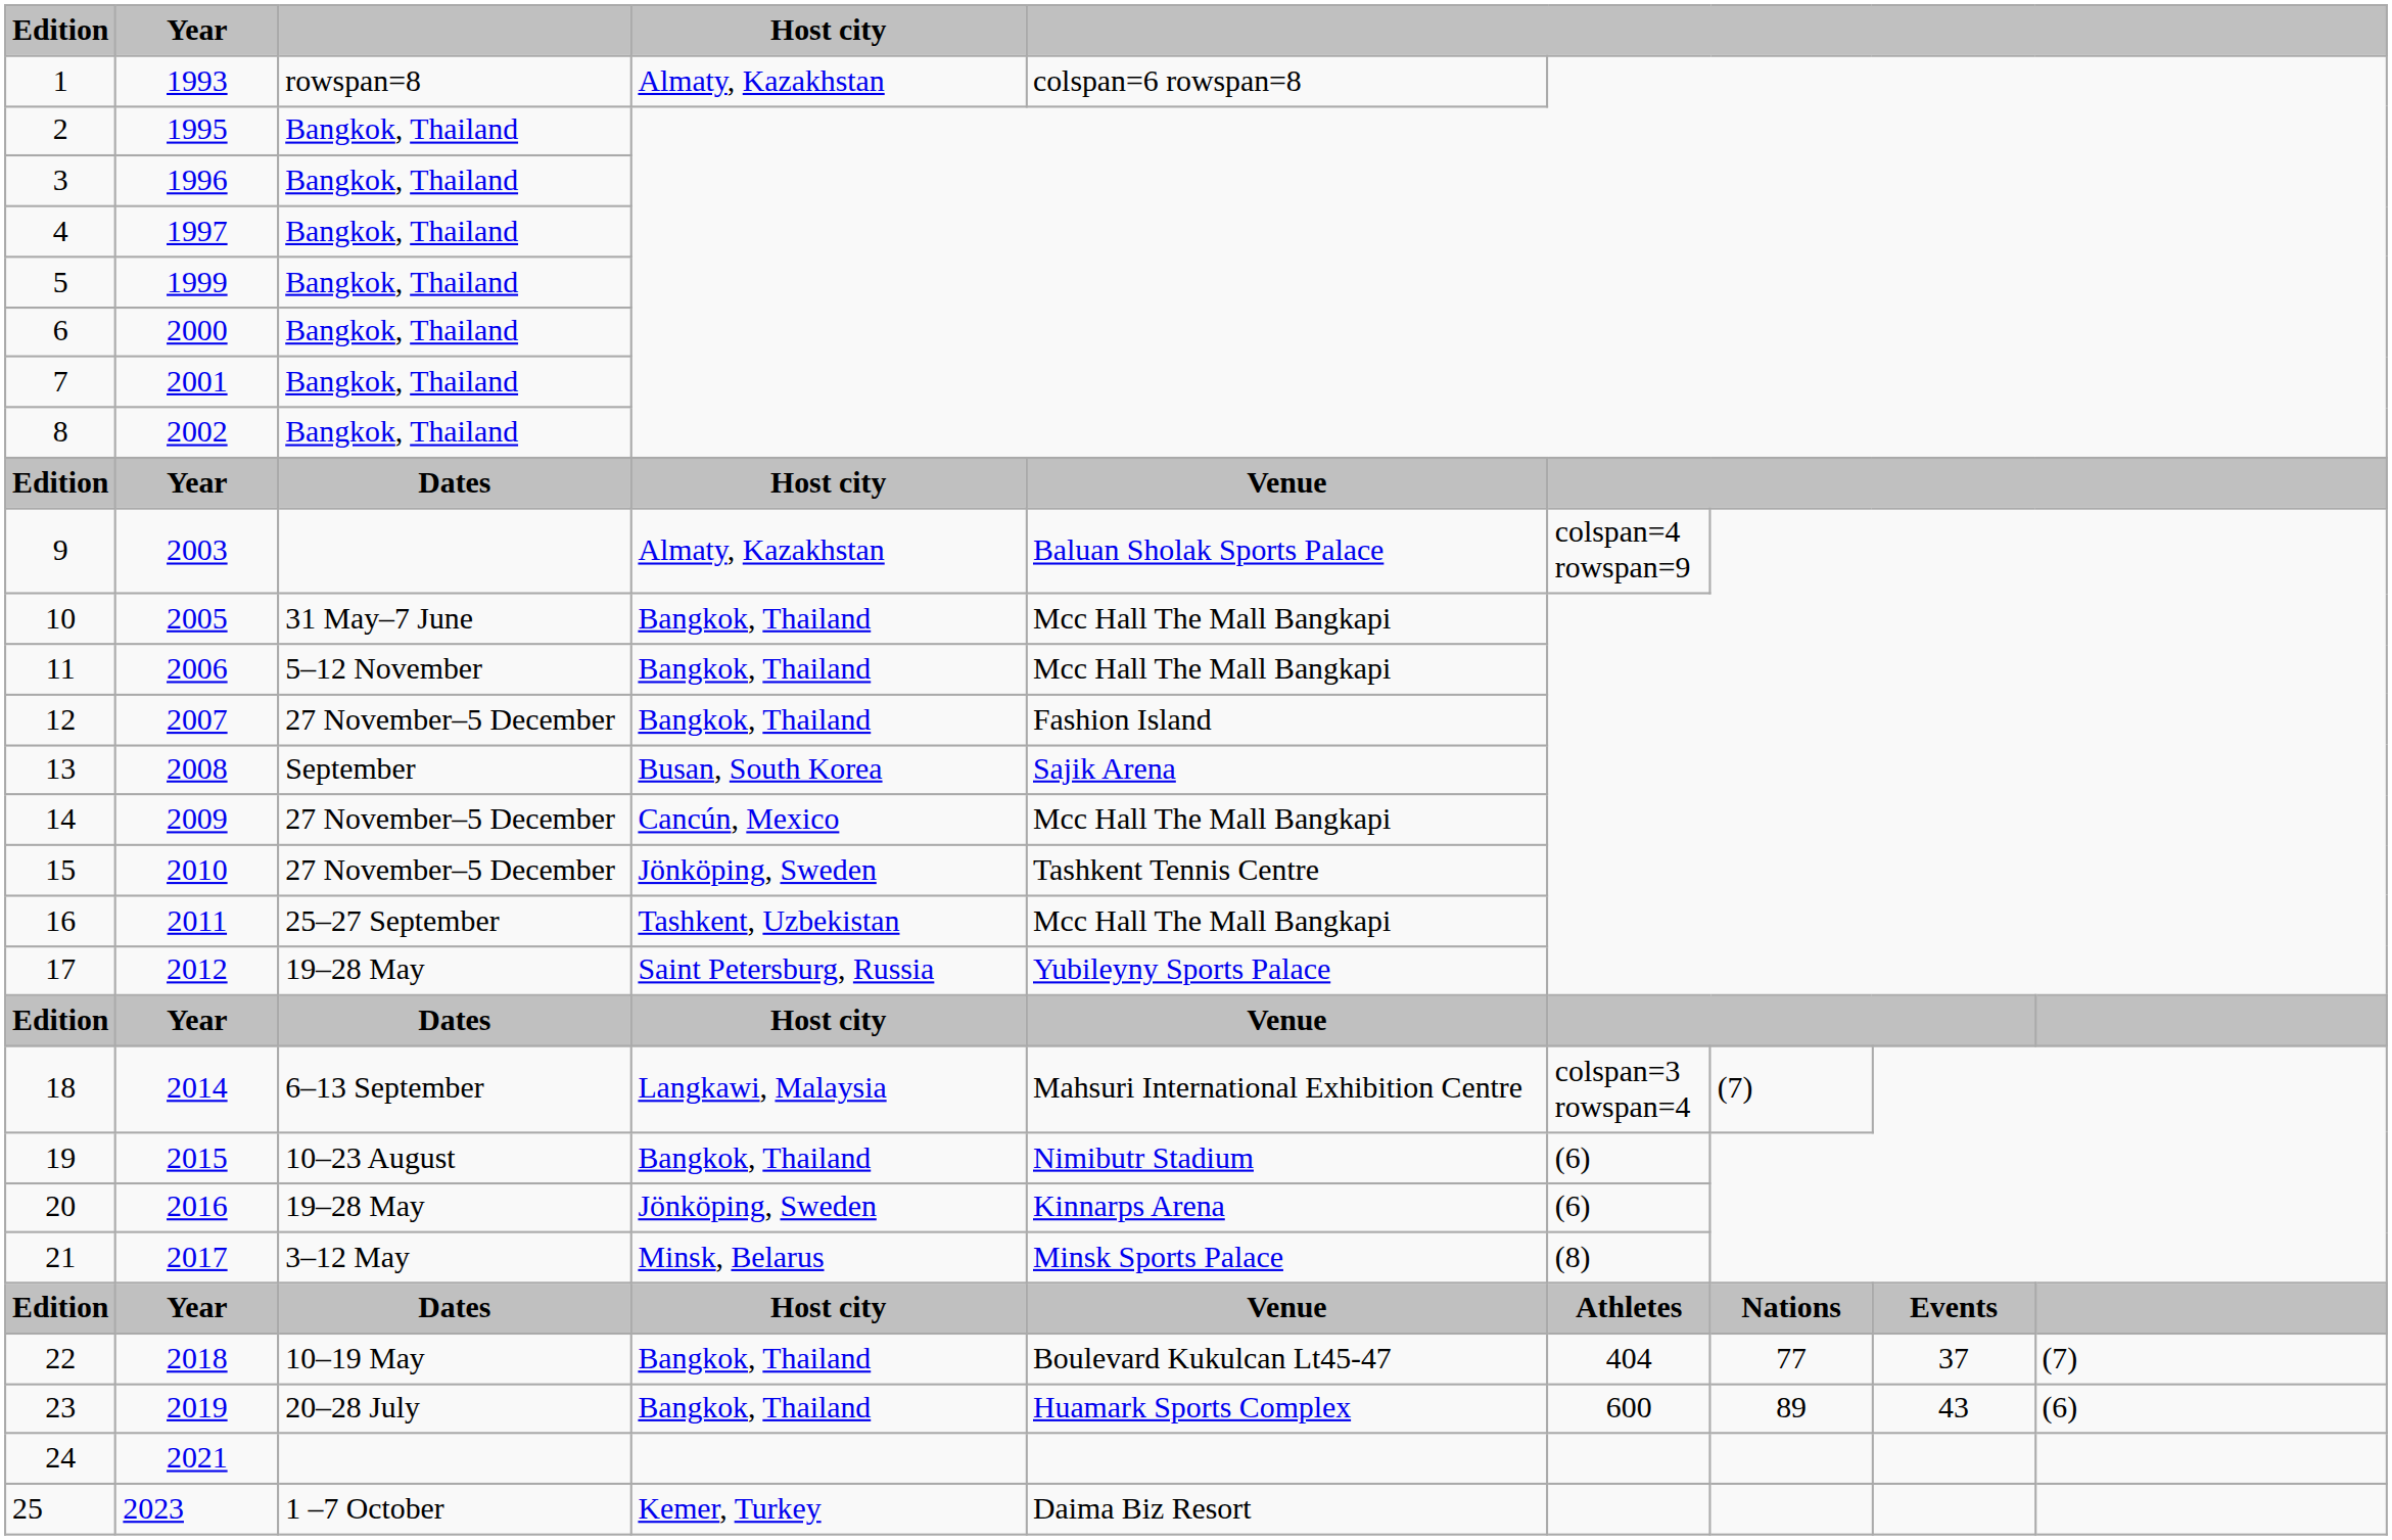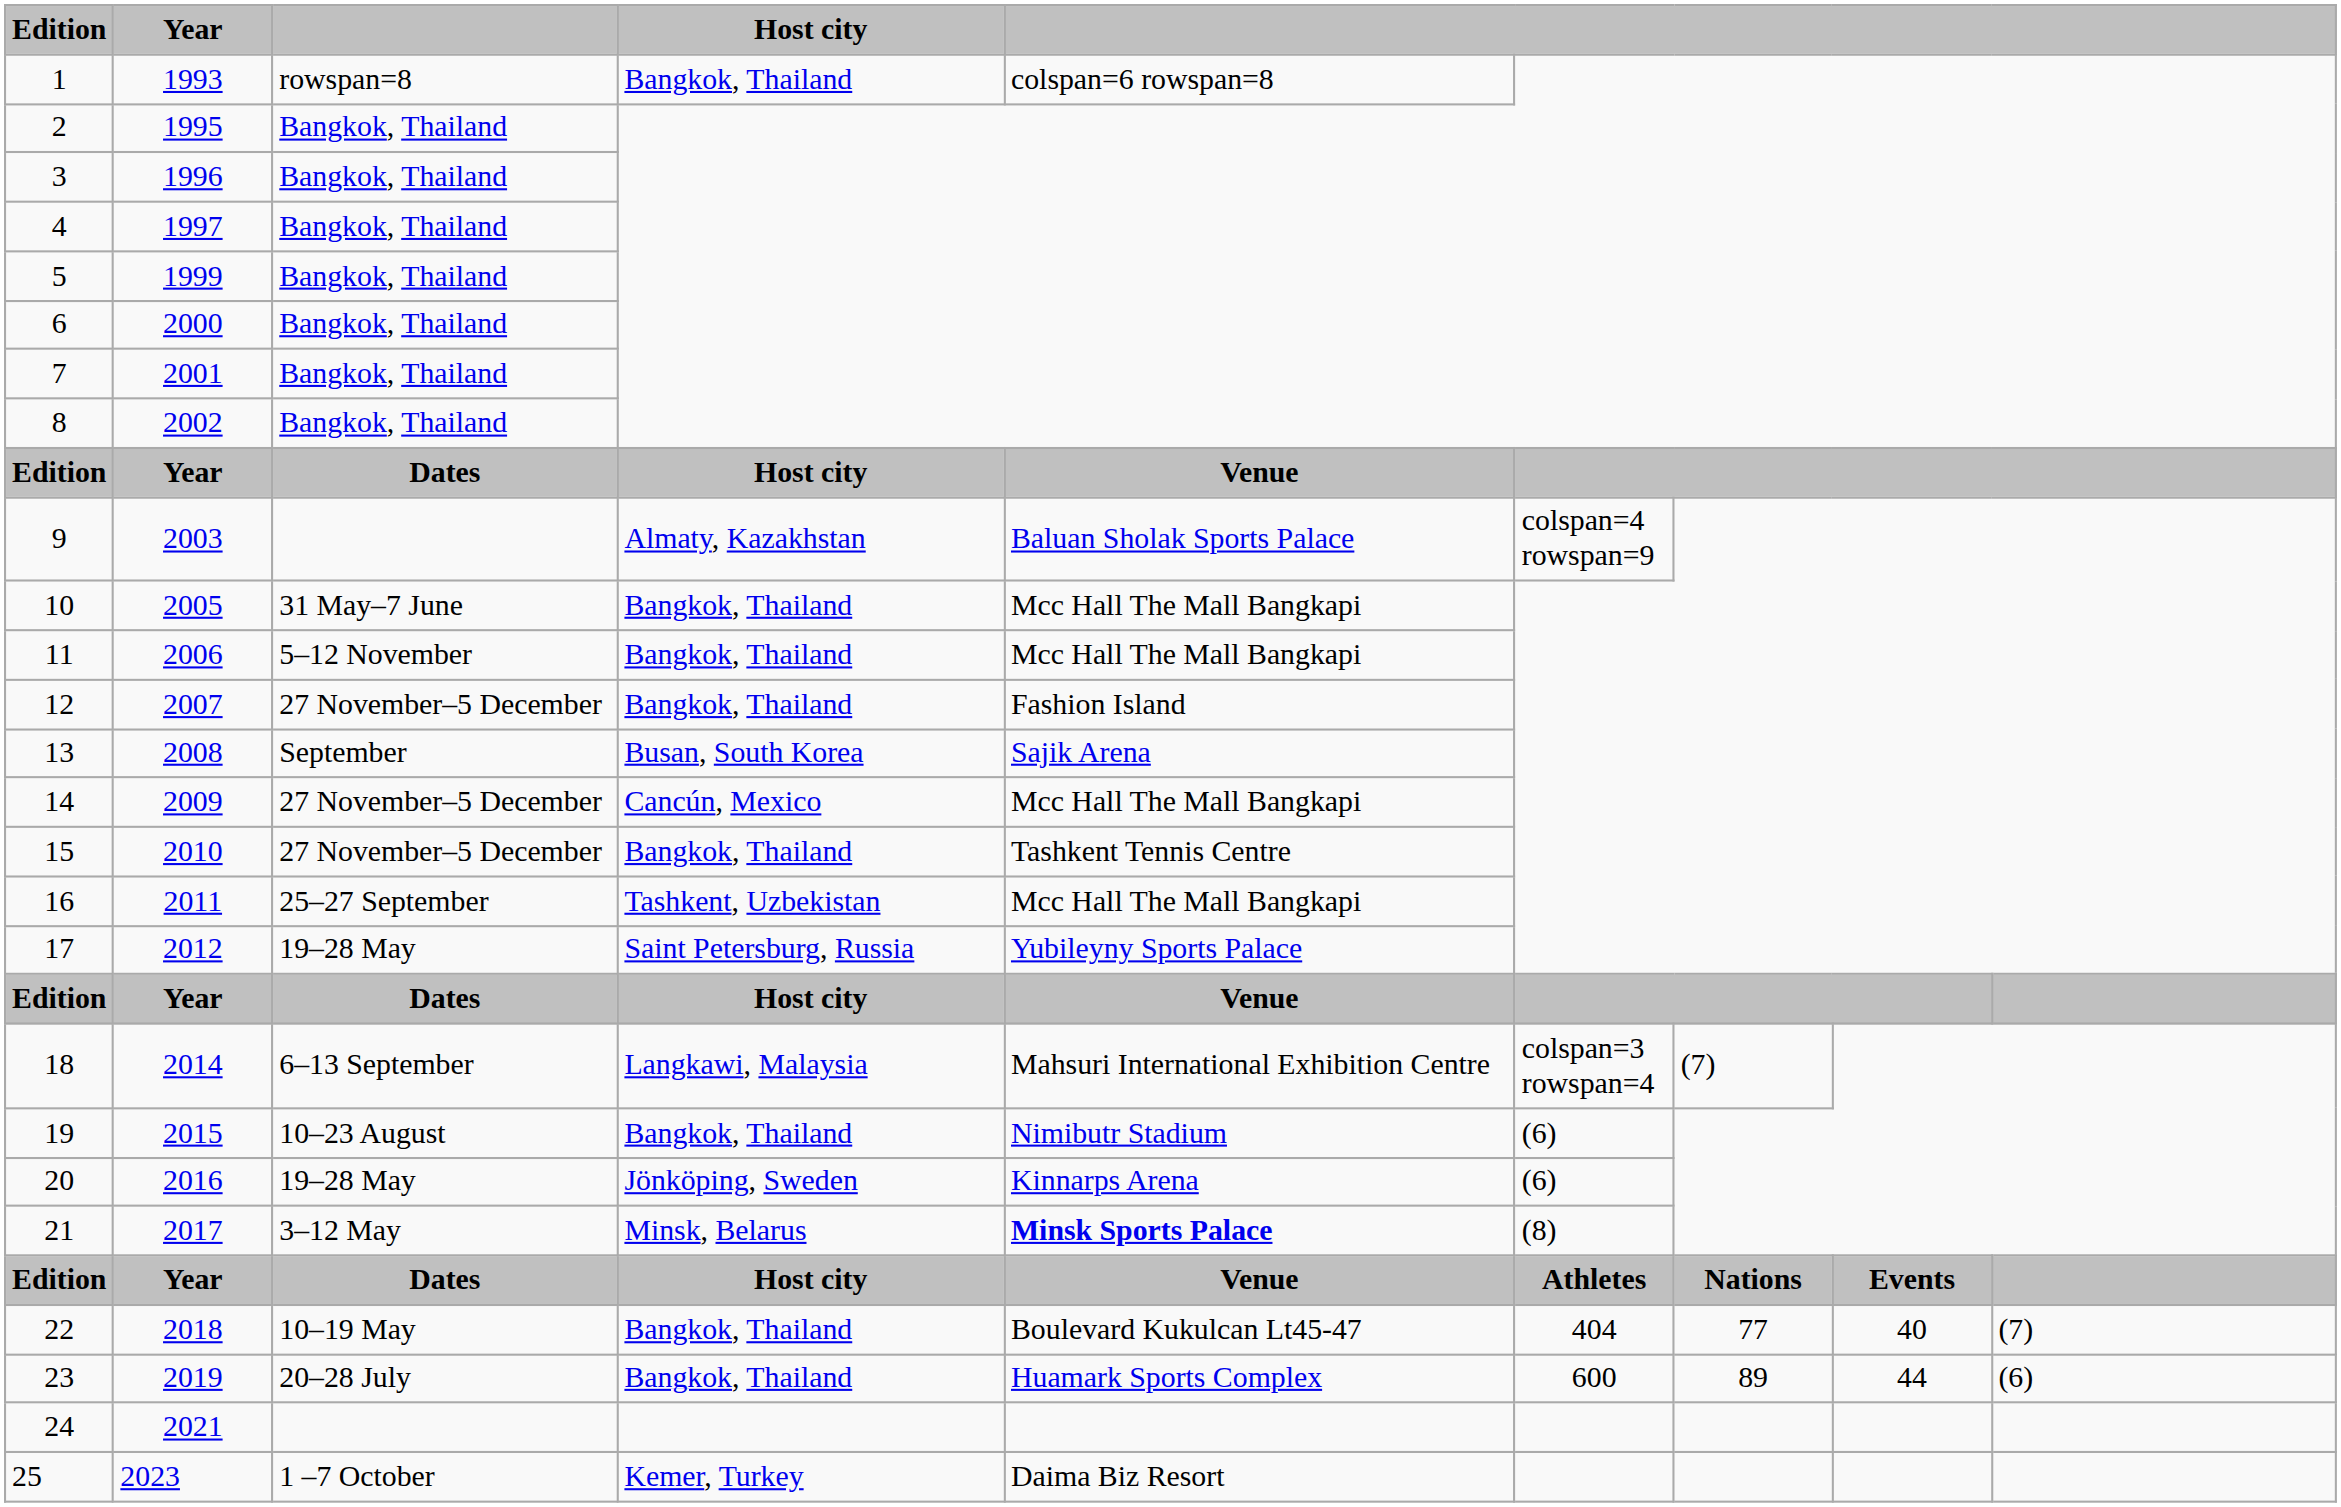 <table class=wikitable style="font-size:90%;">
 <tr>
 <th style="width: 30px; background-color:#C0C0C0">Edition</th>
 <th style="width: 70px; background-color:#C0C0C0">Year</th>
 <th style="background-color:#C0C0C0"></th>
 <th style="width: 180px; background-color:#C0C0C0">Host city</th>
 <th colspan=5 style="background-color:#C0C0C0"></th>
 </tr>
 <tr>
 <td align=center>1</td>
 <td style="text-align:center"><a href='#'>1993</a></td>
 <td>rowspan=8 </td>
-<td> <a href='#'>Almaty</a>, <a href='#'>Kazakhstan</a></td>
+<td> <a href='#'>Bangkok</a>, <a href='#'>Thailand</a></td>
 <td>colspan=6 rowspan=8 </td>
 </tr>
 <tr>
 <td align=center>2</td>
 <td style="text-align:center"><a href='#'>1995</a></td>
 <td> <a href='#'>Bangkok</a>, <a href='#'>Thailand</a></td>
 </tr>
 <tr>
 <td align=center>3</td>
 <td style="text-align:center"><a href='#'>1996</a></td>
 <td> <a href='#'>Bangkok</a>, <a href='#'>Thailand</a></td>
 </tr>
 <tr>
 <td align=center>4</td>
 <td style="text-align:center"><a href='#'>1997</a></td>
 <td> <a href='#'>Bangkok</a>, <a href='#'>Thailand</a></td>
 </tr>
 <tr>
 <td align=center>5</td>
 <td style="text-align:center"><a href='#'>1999</a></td>
 <td> <a href='#'>Bangkok</a>, <a href='#'>Thailand</a></td>
 </tr>
 <tr>
 <td align=center>6</td>
 <td style="text-align:center"><a href='#'>2000</a></td>
 <td> <a href='#'>Bangkok</a>, <a href='#'>Thailand</a></td>
 </tr>
 <tr>
 <td align=center>7</td>
 <td style="text-align:center"><a href='#'>2001</a></td>
 <td> <a href='#'>Bangkok</a>, <a href='#'>Thailand</a></td>
 </tr>
 <tr>
 <td align=center>8</td>
 <td style="text-align:center"><a href='#'>2002</a></td>
 <td> <a href='#'>Bangkok</a>, <a href='#'>Thailand</a></td>
 </tr>
 <tr>
 <th style="width: 30px; background-color:#C0C0C0">Edition</th>
 <th style="width: 70px; background-color:#C0C0C0">Year</th>
 <th style="width: 160px; background-color:#C0C0C0">Dates</th>
 <th style="width: 180px; background-color:#C0C0C0">Host city</th>
 <th style="width: 240px; background-color:#C0C0C0">Venue</th>
 <th colspan=4 style="background-color:#C0C0C0"></th>
 </tr>
 <tr>
 <td align=center>9</td>
 <td style="text-align:center"><a href='#'>2003</a></td>
 <td></td>
 <td> <a href='#'>Almaty</a>, <a href='#'>Kazakhstan</a></td>
 <td><a href='#'>Baluan Sholak Sports Palace</a></td>
 <td>colspan=4 rowspan=9 </td>
 </tr>
 <tr>
 <td align=center>10</td>
 <td style="text-align:center"><a href='#'>2005</a></td>
 <td>31 May–7 June</td>
 <td> <a href='#'>Bangkok</a>, <a href='#'>Thailand</a></td>
 <td>Mcc Hall The Mall Bangkapi</td>
 </tr>
 <tr>
 <td align=center>11</td>
 <td style="text-align:center"><a href='#'>2006</a></td>
 <td>5–12 November</td>
 <td> <a href='#'>Bangkok</a>, <a href='#'>Thailand</a></td>
 <td>Mcc Hall The Mall Bangkapi</td>
 </tr>
 <tr>
 <td align=center>12</td>
 <td style="text-align:center"><a href='#'>2007</a></td>
 <td>27 November–5 December</td>
 <td> <a href='#'>Bangkok</a>, <a href='#'>Thailand</a></td>
 <td>Fashion Island</td>
 </tr>
 <tr>
 <td align=center>13</td>
 <td style="text-align:center"><a href='#'>2008</a></td>
 <td>September</td>
 <td> <a href='#'>Busan</a>, <a href='#'>South Korea</a></td>
 <td><a href='#'>Sajik Arena</a></td>
 </tr>
 <tr>
 <td align=center>14</td>
 <td style="text-align:center"><a href='#'>2009</a></td>
 <td>27 November–5 December</td>
 <td> <a href='#'>Cancún</a>, <a href='#'>Mexico</a></td>
 <td>Mcc Hall The Mall Bangkapi</td>
 </tr>
 <tr>
 <td align=center>15</td>
 <td style="text-align:center"><a href='#'>2010</a></td>
 <td>27 November–5 December</td>
-<td> <a href='#'>Jönköping</a>, <a href='#'>Sweden</a></td>
+<td> <a href='#'>Bangkok</a>, <a href='#'>Thailand</a></td>
 <td>Tashkent Tennis Centre</td>
 </tr>
 <tr>
 <td align=center>16</td>
 <td style="text-align:center"><a href='#'>2011</a></td>
 <td>25–27 September</td>
 <td> <a href='#'>Tashkent</a>, <a href='#'>Uzbekistan</a></td>
 <td>Mcc Hall The Mall Bangkapi</td>
 </tr>
 <tr>
 <td align=center>17</td>
 <td style="text-align:center"><a href='#'>2012</a></td>
 <td>19–28 May</td>
 <td> <a href='#'>Saint Petersburg</a>, <a href='#'>Russia</a></td>
 <td><a href='#'>Yubileyny Sports Palace</a></td>
 </tr>
 <tr>
 <th style="width: 30px; background-color:#C0C0C0">Edition</th>
 <th style="width: 70px; background-color:#C0C0C0">Year</th>
 <th style="width: 160px; background-color:#C0C0C0">Dates</th>
 <th style="width: 180px; background-color:#C0C0C0">Host city</th>
 <th style="width: 240px; background-color:#C0C0C0">Venue</th>
 <th colspan=3 style="width: 70px; background-color:#C0C0C0"></th>
 <th style="width: 160px; background-color:#C0C0C0"></th>
 </tr>
 <tr>
 <td align=center>18</td>
 <td style="text-align:center"><a href='#'>2014</a></td>
 <td>6–13 September</td>
 <td> <a href='#'>Langkawi</a>, <a href='#'>Malaysia</a></td>
 <td>Mahsuri International Exhibition Centre</td>
 <td>colspan=3 rowspan=4 </td>
 <td> (7)</td>
 </tr>
 <tr>
 <td align=center>19</td>
 <td style="text-align:center"><a href='#'>2015</a></td>
 <td>10–23 August</td>
 <td> <a href='#'>Bangkok</a>, <a href='#'>Thailand</a></td>
 <td><a href='#'>Nimibutr Stadium</a></td>
 <td> (6)</td>
 </tr>
 <tr>
 <td align=center>20</td>
 <td style="text-align:center"><a href='#'>2016</a></td>
 <td>19–28 May</td>
 <td> <a href='#'>Jönköping</a>, <a href='#'>Sweden</a></td>
 <td><a href='#'>Kinnarps Arena</a></td>
 <td> (6)</td>
 </tr>
 <tr>
 <td align=center>21</td>
 <td style="text-align:center"><a href='#'>2017</a></td>
 <td>3–12 May</td>
 <td> <a href='#'>Minsk</a>, <a href='#'>Belarus</a></td>
-<td><a href='#'>Minsk Sports Palace</a></td>
+<td><strong><a href='#'>Minsk Sports Palace</a></strong></td>
 <td> (8)</td>
 </tr>
 <tr>
 <th style="width: 30px; background-color:#C0C0C0">Edition</th>
 <th style="width: 70px; background-color:#C0C0C0">Year</th>
 <th style="width: 160px; background-color:#C0C0C0">Dates</th>
 <th style="width: 180px; background-color:#C0C0C0">Host city</th>
 <th style="width: 240px; background-color:#C0C0C0">Venue</th>
 <th style="width: 70px; background-color:#C0C0C0">Athletes</th>
 <th style="width: 70px; background-color:#C0C0C0">Nations</th>
 <th style="width: 70px; background-color:#C0C0C0">Events</th>
 <th style="width: 160px; background-color:#C0C0C0"></th>
 </tr>
 <tr>
 <td align=center>22</td>
 <td style="text-align:center"><a href='#'>2018</a></td>
 <td>10–19 May</td>
 <td> <a href='#'>Bangkok</a>, <a href='#'>Thailand</a></td>
 <td>Boulevard Kukulcan Lt45-47</td>
 <td style="text-align:center">404</td>
 <td style="text-align:center">77</td>
-<td style="text-align:center">37</td>
+<td style="text-align:center">40</td>
 <td> (7)</td>
 </tr>
 <tr>
 <td align=center>23</td>
 <td style="text-align:center"><a href='#'>2019</a></td>
 <td>20–28 July</td>
 <td> <a href='#'>Bangkok</a>, <a href='#'>Thailand</a></td>
 <td><a href='#'>Huamark Sports Complex</a></td>
 <td style="text-align:center">600</td>
 <td style="text-align:center">89</td>
-<td style="text-align:center">43</td>
+<td style="text-align:center">44</td>
 <td> (6)</td>
 </tr>
 <tr>
 <td align=center>24</td>
 <td style="text-align:center"><a href='#'>2021</a></td>
 <td></td>
 <td></td>
 <td></td>
 <td style="text-align:center"></td>
 <td style="text-align:center"></td>
 <td style="text-align:center"></td>
 <td></td>
 </tr>
 <tr>
 <td>25</td>
 <td><a href='#'>2023</a></td>
 <td>1 –7 October</td>
 <td> <a href='#'>Kemer</a>, <a href='#'>Turkey</a></td>
 <td>Daima Biz Resort</td>
 <td></td>
 <td></td>
 <td></td>
 <td></td>
 </tr>
 </table>
